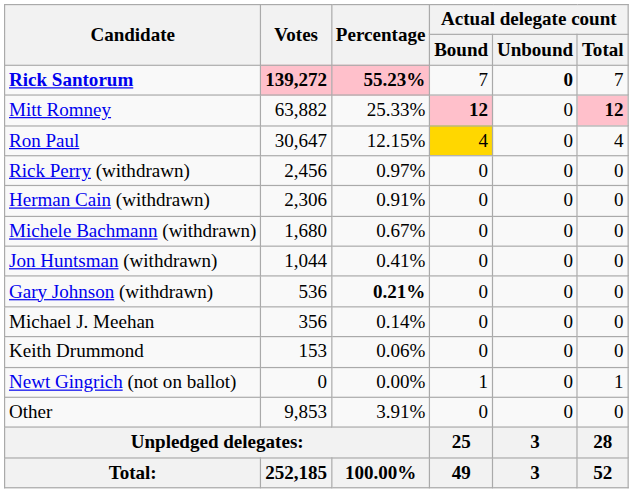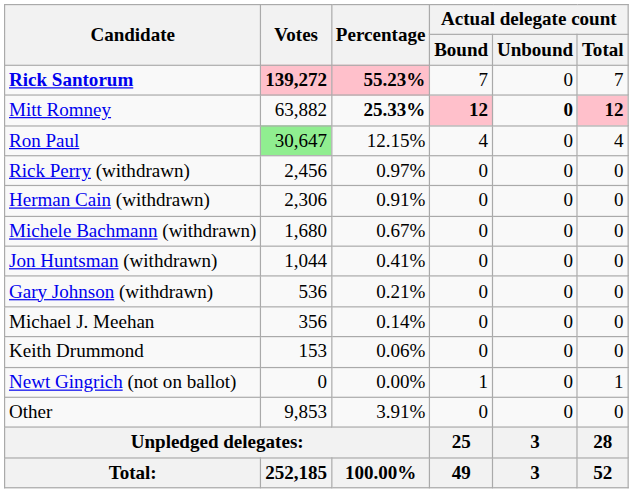 <table class="wikitable" style="text-align:right;">
 <tr>
 <th rowspan="2">Candidate</th>
 <th rowspan="2">Votes</th>
 <th rowspan="2">Percentage</th>
 <th colspan="3" style="vertical-align:middle;">Actual delegate count</th>
 </tr>
 <tr>
 <th>Bound</th>
 <th>Unbound</th>
 <th>Total</th>
 </tr>
 <tr>
 <td style="text-align:left;"> <strong><a href='#'>Rick Santorum</a></strong></td>
 <td style="background:pink;"><strong>139,272</strong></td>
 <td style="background:pink;"><strong>55.23%</strong></td>
 <td>7</td>
-<td><strong>0</strong></td>
+<td>0</td>
 <td>7</td>
 </tr>
 <tr>
 <td style="text-align:left;"><a href='#'>Mitt Romney</a></td>
 <td>63,882</td>
-<td>25.33%</td>
+<td><strong>25.33%</strong></td>
 <td style="background:pink;"><strong>12</strong></td>
-<td>0</td>
+<td><strong>0</strong></td>
 <td style="background:pink;"><strong>12</strong></td>
 </tr>
 <tr>
 <td style="text-align:left;"><a href='#'>Ron Paul</a></td>
-<td>30,647</td>
+<td style="background: lightgreen;">30,647</td>
 <td>12.15%</td>
-<td style="background: gold;">4</td>
+<td>4</td>
 <td>0</td>
 <td>4</td>
 </tr>
 <tr>
 <td style="text-align:left;"><a href='#'>Rick Perry</a> (withdrawn)</td>
 <td>2,456</td>
 <td>0.97%</td>
 <td>0</td>
 <td>0</td>
 <td>0</td>
 </tr>
 <tr>
 <td style="text-align:left;"><a href='#'>Herman Cain</a> (withdrawn)</td>
 <td>2,306</td>
 <td>0.91%</td>
 <td>0</td>
 <td>0</td>
 <td>0</td>
 </tr>
 <tr>
 <td style="text-align:left;"><a href='#'>Michele Bachmann</a> (withdrawn)</td>
 <td>1,680</td>
 <td>0.67%</td>
 <td>0</td>
 <td>0</td>
 <td>0</td>
 </tr>
 <tr>
 <td style="text-align:left;"><a href='#'>Jon Huntsman</a> (withdrawn)</td>
 <td>1,044</td>
 <td>0.41%</td>
 <td>0</td>
 <td>0</td>
 <td>0</td>
 </tr>
 <tr>
 <td style="text-align:left;"><a href='#'>Gary Johnson</a> (withdrawn)</td>
 <td>536</td>
-<td><strong>0.21%</strong></td>
+<td>0.21%</td>
 <td>0</td>
 <td>0</td>
 <td>0</td>
 </tr>
 <tr>
 <td style="text-align:left;">Michael J. Meehan</td>
 <td>356</td>
 <td>0.14%</td>
 <td>0</td>
 <td>0</td>
 <td>0</td>
 </tr>
 <tr>
 <td style="text-align:left;">Keith Drummond</td>
 <td>153</td>
 <td>0.06%</td>
 <td>0</td>
 <td>0</td>
 <td>0</td>
 </tr>
 <tr>
 <td style="text-align:left;"><a href='#'>Newt Gingrich</a> (not on ballot)</td>
 <td>0</td>
 <td>0.00%</td>
 <td>1</td>
 <td>0</td>
 <td>1</td>
 </tr>
 <tr>
 <td style="text-align:left;">Other</td>
 <td>9,853</td>
 <td>3.91%</td>
 <td>0</td>
 <td>0</td>
 <td>0</td>
 </tr>
 <tr style="background:#eee;">
 <th colspan="3">Unpledged delegates:</th>
 <th>25</th>
 <th>3</th>
 <th>28</th>
 </tr>
 <tr style="background:#eee;">
 <th>Total:</th>
 <th>252,185</th>
 <th>100.00%</th>
 <th>49</th>
 <th>3</th>
 <th>52</th>
 </tr>
 </table>
